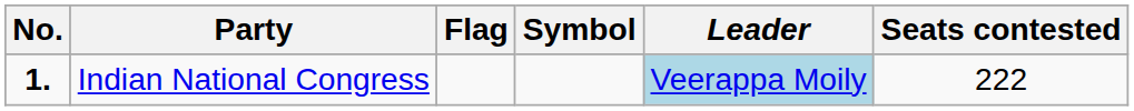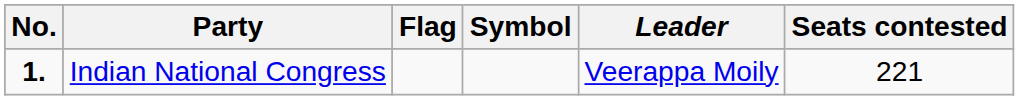 <table class="wikitable">
 <tr>
 <th>No.</th>
 <th>Party</th>
 <th><strong>Flag</strong></th>
 <th>Symbol</th>
 <th><em>Leader</em></th>
 <th>Seats contested</th>
 </tr>
 <tr>
 <td ! style="text-align:center; background:"><strong>1.</strong></td>
 <td style="text-align:center"><a href='#'>Indian National Congress</a></td>
 <td></td>
 <td></td>
-<td style="background: lightblue; text-align:center"><a href='#'>Veerappa Moily</a></td>
-<td style="text-align:center">222</td>
+<td style="text-align:center"><a href='#'>Veerappa Moily</a></td>
+<td style="text-align:center">221</td>
 </tr>
 </table>
